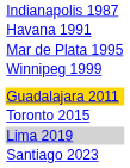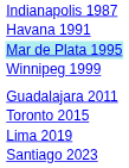 <table>
 <tr>
 <td><a href='#'>Indianapolis 1987</a></td>
 <td></td>
 <td></td>
 <td></td>
 </tr>
 <tr>
 <td><a href='#'>Havana 1991</a></td>
 <td></td>
 <td></td>
 <td></td>
 </tr>
 <tr>
-<td><a href='#'>Mar de Plata 1995</a></td>
+<td style="background: paleturquoise;"><a href='#'>Mar de Plata 1995</a></td>
 <td></td>
 <td></td>
 <td></td>
 </tr>
 <tr>
 <td><a href='#'>Winnipeg 1999</a></td>
 <td></td>
 <td></td>
 <td></td>
 </tr>
 <tr>
 <td></td>
 <td></td>
 <td></td>
 <td></td>
 </tr>
 <tr>
 <td></td>
 <td></td>
 <td></td>
 <td></td>
 </tr>
 <tr>
-<td style="background: gold;"><a href='#'>Guadalajara 2011</a></td>
+<td><a href='#'>Guadalajara 2011</a></td>
 <td></td>
 <td></td>
 <td></td>
 </tr>
 <tr>
 <td><a href='#'>Toronto 2015</a></td>
 <td></td>
 <td></td>
 <td></td>
 </tr>
 <tr>
-<td style="background: lightgrey;"><a href='#'>Lima 2019</a></td>
+<td><a href='#'>Lima 2019</a></td>
 <td></td>
 <td></td>
 <td></td>
 </tr>
 <tr>
 <td><a href='#'>Santiago 2023</a></td>
 <td></td>
 <td></td>
 <td></td>
 </tr>
 </table>
